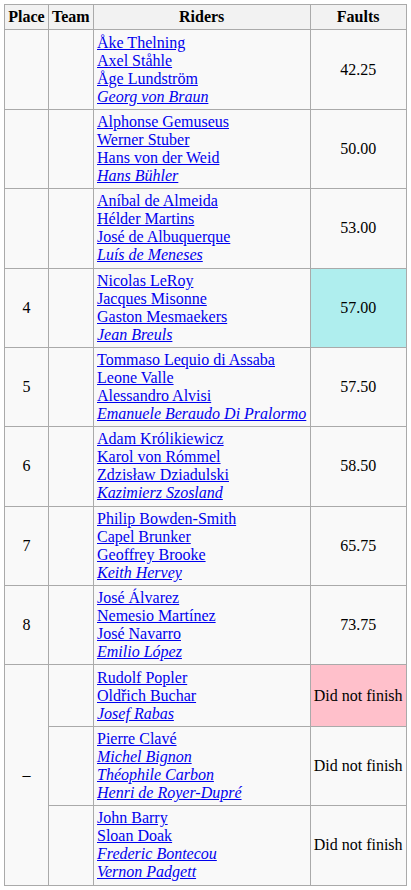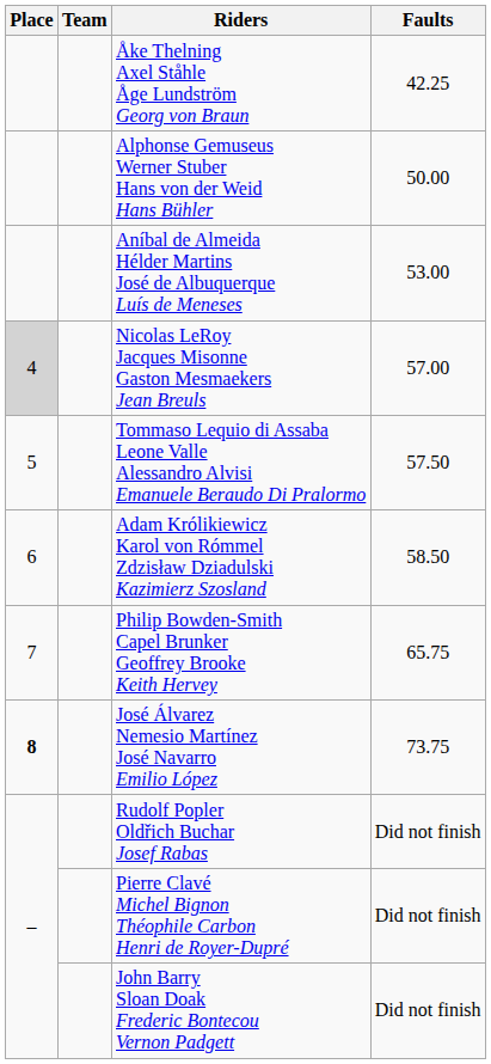 <table class=wikitable style="text-align:center">
 <tr>
 <th>Place</th>
 <th>Team</th>
 <th>Riders</th>
 <th>Faults</th>
 </tr>
 <tr>
 <td></td>
 <td align=left></td>
 <td align=left><a href='#'>Åke Thelning</a> <br> <a href='#'>Axel Ståhle</a> <br> <a href='#'>Åge Lundström</a> <br> <em><a href='#'>Georg von Braun</a></em></td>
 <td>42.25</td>
 </tr>
 <tr>
 <td></td>
 <td align=left></td>
 <td align=left><a href='#'>Alphonse Gemuseus</a> <br> <a href='#'>Werner Stuber</a> <br> <a href='#'>Hans von der Weid</a> <br> <em><a href='#'>Hans Bühler</a></em></td>
 <td>50.00</td>
 </tr>
 <tr>
 <td></td>
 <td align=left></td>
 <td align=left><a href='#'>Aníbal de Almeida</a> <br> <a href='#'>Hélder Martins</a> <br> <a href='#'>José de Albuquerque</a> <br> <em><a href='#'>Luís de Meneses</a></em></td>
 <td>53.00</td>
 </tr>
 <tr>
-<td>4</td>
+<td style="background: lightgrey;">4</td>
 <td align=left></td>
 <td align=left><a href='#'>Nicolas LeRoy</a> <br> <a href='#'>Jacques Misonne</a> <br> <a href='#'>Gaston Mesmaekers</a> <br> <em><a href='#'>Jean Breuls</a></em></td>
-<td style="background: paleturquoise;">57.00</td>
+<td>57.00</td>
 </tr>
 <tr>
 <td>5</td>
 <td align=left></td>
 <td align=left><a href='#'>Tommaso Lequio di Assaba</a> <br> <a href='#'>Leone Valle</a> <br> <a href='#'>Alessandro Alvisi</a> <br> <em><a href='#'>Emanuele Beraudo Di Pralormo</a></em></td>
 <td>57.50</td>
 </tr>
 <tr>
 <td>6</td>
 <td align=left></td>
 <td align=left><a href='#'>Adam Królikiewicz</a> <br> <a href='#'>Karol von Rómmel</a> <br> <a href='#'>Zdzisław Dziadulski</a> <br> <em><a href='#'>Kazimierz Szosland</a></em></td>
 <td>58.50</td>
 </tr>
 <tr>
 <td>7</td>
 <td align=left></td>
 <td align=left><a href='#'>Philip Bowden-Smith</a> <br> <a href='#'>Capel Brunker</a> <br> <a href='#'>Geoffrey Brooke</a> <br> <em><a href='#'>Keith Hervey</a></em></td>
 <td>65.75</td>
 </tr>
 <tr>
-<td>8</td>
+<td><strong>8</strong></td>
 <td align=left></td>
 <td align=left><a href='#'>José Álvarez</a> <br> <a href='#'>Nemesio Martínez</a> <br> <a href='#'>José Navarro</a> <br> <em><a href='#'>Emilio López</a></em></td>
 <td>73.75</td>
 </tr>
 <tr>
 <td rowspan=3>–</td>
 <td align=left></td>
 <td align=left><a href='#'>Rudolf Popler</a> <br> <a href='#'>Oldřich Buchar</a> <br> <em><a href='#'>Josef Rabas</a></em></td>
-<td style="background: pink;">Did not finish</td>
+<td>Did not finish</td>
 </tr>
 <tr>
 <td align=left></td>
 <td align=left><a href='#'>Pierre Clavé</a> <br> <em><a href='#'>Michel Bignon</a></em> <br> <em><a href='#'>Théophile Carbon</a></em> <br> <em><a href='#'>Henri de Royer-Dupré</a></em></td>
 <td>Did not finish</td>
 </tr>
 <tr>
 <td align=left></td>
 <td align=left><a href='#'>John Barry</a> <br> <a href='#'>Sloan Doak</a> <br> <em><a href='#'>Frederic Bontecou</a></em> <br> <em><a href='#'>Vernon Padgett</a></em></td>
 <td>Did not finish</td>
 </tr>
 </table>
